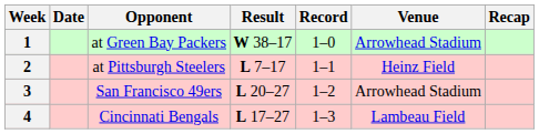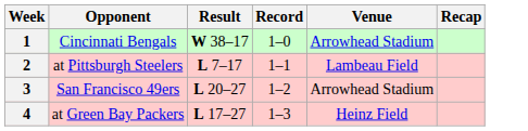 <table class="wikitable" style="text-align:center">
 <tr>
 <th>Week</th>
-<th>Date</th>
 <th>Opponent</th>
 <th>Result</th>
 <th>Record</th>
 <th>Venue</th>
 <th>Recap</th>
 </tr>
 <tr style="background:#cfc">
 <th>1</th>
-<td></td>
-<td>at <a href='#'>Green Bay Packers</a></td>
+<td><a href='#'>Cincinnati Bengals</a></td>
 <td><strong>W</strong> 38–17</td>
 <td>1–0</td>
 <td><a href='#'>Arrowhead Stadium</a></td>
 <td></td>
 </tr>
 <tr style="background:#fcc">
 <th>2</th>
-<td></td>
 <td>at <a href='#'>Pittsburgh Steelers</a></td>
 <td><strong>L</strong> 7–17</td>
 <td>1–1</td>
-<td><a href='#'>Heinz Field</a></td>
+<td><a href='#'>Lambeau Field</a></td>
 <td></td>
 </tr>
 <tr style="background:#fcc">
 <th>3</th>
-<td></td>
 <td><a href='#'>San Francisco 49ers</a></td>
 <td><strong>L</strong> 20–27</td>
 <td>1–2</td>
 <td>Arrowhead Stadium</td>
 <td></td>
 </tr>
 <tr style="background:#fcc">
 <th>4</th>
-<td></td>
-<td><a href='#'>Cincinnati Bengals</a></td>
+<td>at <a href='#'>Green Bay Packers</a></td>
 <td><strong>L</strong> 17–27</td>
 <td>1–3</td>
-<td><a href='#'>Lambeau Field</a></td>
+<td><a href='#'>Heinz Field</a></td>
 <td></td>
 </tr>
 </table>
